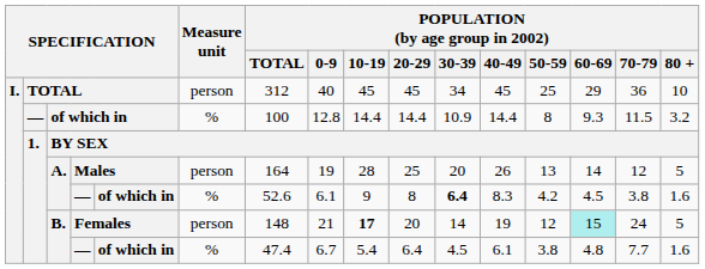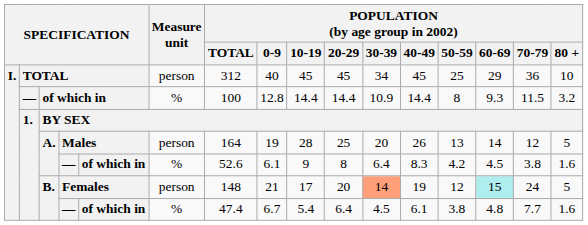 <table class="wikitable" style="font-size:85%; text-align:center">
 <tr>
 <th rowspan="2" colspan="5">SPECIFICATION</th>
 <th rowspan="2">Measure<br> unit</th>
 <th colspan="10" rowspan="1">POPULATION<br> (by age group in 2002)</th>
 </tr>
 <tr>
 <th>TOTAL</th>
 <th>0-9</th>
 <th>10-19</th>
 <th>20-29</th>
 <th>30-39</th>
 <th>40-49</th>
 <th>50-59</th>
 <th>60-69</th>
 <th>70-79</th>
 <th>80 +</th>
 </tr>
 <tr>
 <th style="text-align:left" valign="top" rowspan="7">I.</th>
 <th style="text-align:left" colspan="4">TOTAL</th>
 <td>person</td>
 <td>312</td>
 <td>40</td>
 <td>45</td>
 <td>45</td>
 <td>34</td>
 <td>45</td>
 <td>25</td>
 <td>29</td>
 <td>36</td>
 <td>10</td>
 </tr>
 <tr>
 <th style="text-align:left" valign="top">—</th>
 <th style="text-align:left" colspan="3">of which in</th>
 <td>%</td>
 <td>100</td>
 <td>12.8</td>
 <td>14.4</td>
 <td>14.4</td>
 <td>10.9</td>
 <td>14.4</td>
 <td>8</td>
 <td>9.3</td>
 <td>11.5</td>
 <td>3.2</td>
 </tr>
 <tr>
 <th style="text-align:left" valign="top" rowspan="5">1.</th>
 <th style="text-align:left" colspan="14">BY SEX</th>
 </tr>
 <tr>
 <th style="text-align:left" valign="top" rowspan="2">A.</th>
 <th style="text-align:left" colspan="2">Males</th>
 <td>person</td>
 <td>164</td>
 <td>19</td>
 <td>28</td>
 <td>25</td>
 <td>20</td>
 <td>26</td>
 <td>13</td>
 <td>14</td>
 <td>12</td>
 <td>5</td>
 </tr>
 <tr>
 <th style="text-align:left" valign="top">—</th>
 <th style="text-align:left" colspan="1">of which in</th>
 <td>%</td>
 <td>52.6</td>
 <td>6.1</td>
 <td>9</td>
 <td>8</td>
-<td><strong>6.4</strong></td>
+<td>6.4</td>
 <td>8.3</td>
 <td>4.2</td>
 <td>4.5</td>
 <td>3.8</td>
 <td>1.6</td>
 </tr>
 <tr>
 <th style="text-align:left" valign="top" rowspan="2">B.</th>
 <th style="text-align:left" colspan="2">Females</th>
 <td>person</td>
 <td>148</td>
 <td>21</td>
-<td><strong>17</strong></td>
+<td>17</td>
 <td>20</td>
-<td>14</td>
+<td style="background: lightsalmon;">14</td>
 <td>19</td>
 <td>12</td>
 <td style="background: paleturquoise;">15</td>
 <td>24</td>
 <td>5</td>
 </tr>
 <tr>
 <th style="text-align:left" valign="top">—</th>
 <th style="text-align:left" colspan="1">of which in</th>
 <td>%</td>
 <td>47.4</td>
 <td>6.7</td>
 <td>5.4</td>
 <td>6.4</td>
 <td>4.5</td>
 <td>6.1</td>
 <td>3.8</td>
 <td>4.8</td>
 <td>7.7</td>
 <td>1.6</td>
 </tr>
 </table>
